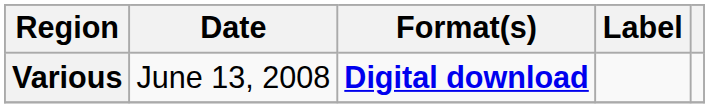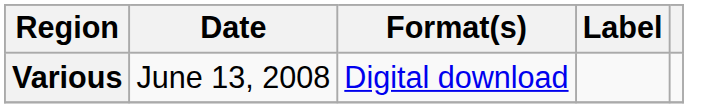 <table class="wikitable plainrowheaders">
 <tr>
 <th scope="col">Region</th>
 <th scope="col">Date</th>
 <th scope="col">Format(s)</th>
 <th scope="col">Label</th>
 <th scope="col"></th>
 </tr>
 <tr>
 <th scope="row">Various</th>
 <td>June 13, 2008</td>
-<td><strong><a href='#'>Digital download</a></strong></td>
+<td><a href='#'>Digital download</a></td>
 <td></td>
 <td align="center"></td>
 </tr>
 <tr>
 </tr>
 </table>
